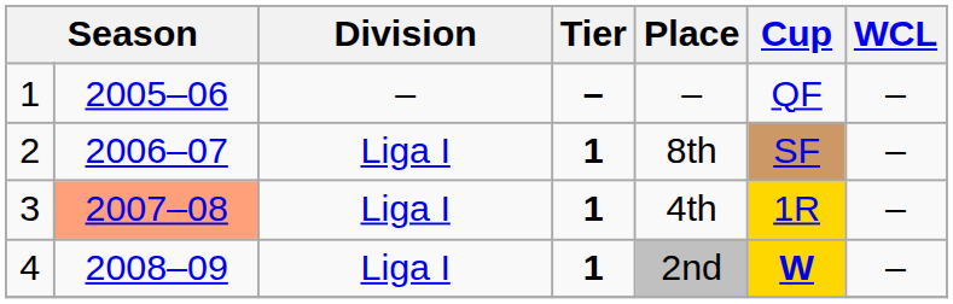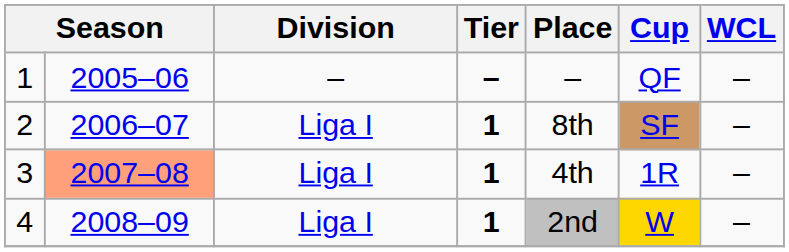 <table class="wikitable" style="text-align:center; font-size:100%">
 <tr>
 <th rowspan=1 colspan=2 style="width: 103px;">Season</th>
 <th style="width: 120px;">Division</th>
 <th style="width: 25px;">Tier</th>
 <th style="width: 35px;">Place</th>
 <th style="width: 35px;"><a href='#'>Cup</a></th>
 <th style="width: 35px;"><a href='#'>WCL</a></th>
 </tr>
 <tr>
 <td>1</td>
 <td><a href='#'>2005–06</a></td>
 <td>–</td>
 <td><strong>–</strong></td>
 <td>–</td>
 <td><a href='#'>QF</a></td>
 <td>–</td>
 </tr>
 <tr>
 <td>2</td>
 <td><a href='#'>2006–07</a></td>
 <td><a href='#'>Liga I</a></td>
 <td><strong>1</strong></td>
 <td>8th</td>
 <td align=center bgcolor=#CC9966><a href='#'>SF</a></td>
 <td>–</td>
 </tr>
 <tr>
 <td>3</td>
 <td style="background: lightsalmon;"><a href='#'>2007–08</a></td>
 <td><a href='#'>Liga I</a></td>
 <td><strong>1</strong></td>
 <td>4th</td>
-<td style="background: gold;"><a href='#'>1R</a></td>
+<td><a href='#'>1R</a></td>
 <td>–</td>
 </tr>
 <tr>
 <td>4</td>
 <td><a href='#'>2008–09</a></td>
 <td><a href='#'>Liga I</a></td>
 <td><strong>1</strong></td>
 <td align=center bgcolor=silver>2nd</td>
-<td align=center bgcolor=gold><strong><a href='#'>W</a></strong></td>
+<td align=center bgcolor=gold><a href='#'>W</a></td>
 <td>–</td>
 </tr>
 <tr>
 </tr>
 </table>
